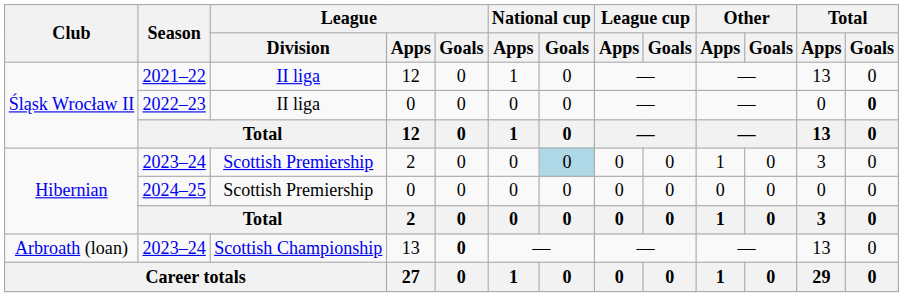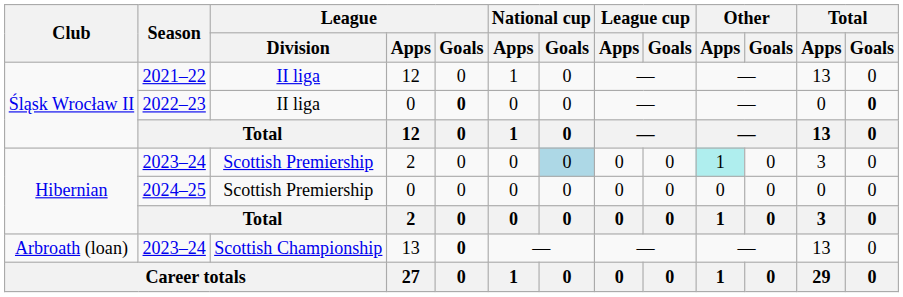 <table class="wikitable" style="text-align: center;">
 <tr>
 <th rowspan="2">Club</th>
 <th rowspan="2">Season</th>
 <th colspan="3">League</th>
 <th colspan="2">National cup</th>
 <th colspan="2">League cup</th>
 <th colspan="2">Other</th>
 <th colspan="2">Total</th>
 </tr>
 <tr>
 <th>Division</th>
 <th>Apps</th>
 <th>Goals</th>
 <th>Apps</th>
 <th>Goals</th>
 <th>Apps</th>
 <th>Goals</th>
 <th>Apps</th>
 <th>Goals</th>
 <th>Apps</th>
 <th>Goals</th>
 </tr>
 <tr>
 <td rowspan="3"><a href='#'>Śląsk Wrocław II</a></td>
 <td><a href='#'>2021–22</a></td>
 <td><a href='#'>II liga</a></td>
 <td>12</td>
 <td>0</td>
 <td>1</td>
 <td>0</td>
 <td colspan="2">—</td>
 <td colspan="2">—</td>
 <td>13</td>
 <td>0</td>
 </tr>
 <tr>
 <td><a href='#'>2022–23</a></td>
 <td>II liga</td>
 <td>0</td>
-<td>0</td>
+<td><strong>0</strong></td>
 <td>0</td>
 <td>0</td>
 <td colspan="2">—</td>
 <td colspan="2">—</td>
 <td>0</td>
 <td><strong>0</strong></td>
 </tr>
 <tr>
 <th colspan="2">Total</th>
 <th>12</th>
 <th>0</th>
 <th>1</th>
 <th>0</th>
 <th colspan="2">—</th>
 <th colspan="2">—</th>
 <th>13</th>
 <th>0</th>
 </tr>
 <tr>
 <td rowspan="3"><a href='#'>Hibernian</a></td>
 <td><a href='#'>2023–24</a></td>
 <td><a href='#'>Scottish Premiership</a></td>
 <td>2</td>
 <td>0</td>
 <td>0</td>
 <td style="background: lightblue;">0</td>
 <td>0</td>
 <td>0</td>
-<td>1</td>
+<td style="background: paleturquoise;">1</td>
 <td>0</td>
 <td>3</td>
 <td>0</td>
 </tr>
 <tr>
 <td><a href='#'>2024–25</a></td>
 <td>Scottish Premiership</td>
 <td>0</td>
 <td>0</td>
 <td>0</td>
 <td>0</td>
 <td>0</td>
 <td>0</td>
 <td>0</td>
 <td>0</td>
 <td>0</td>
 <td>0</td>
 </tr>
 <tr>
 <th colspan="2">Total</th>
 <th>2</th>
 <th>0</th>
 <th>0</th>
 <th>0</th>
 <th>0</th>
 <th>0</th>
 <th>1</th>
 <th>0</th>
 <th>3</th>
 <th>0</th>
 </tr>
 <tr>
 <td><a href='#'>Arbroath</a> (loan)</td>
 <td><a href='#'>2023–24</a></td>
 <td><a href='#'>Scottish Championship</a></td>
 <td>13</td>
 <td><strong>0</strong></td>
 <td colspan="2">—</td>
 <td colspan="2">—</td>
 <td colspan="2">—</td>
 <td>13</td>
 <td>0</td>
 </tr>
 <tr>
 <th colspan="3">Career totals</th>
 <th>27</th>
 <th>0</th>
 <th>1</th>
 <th>0</th>
 <th>0</th>
 <th>0</th>
 <th>1</th>
 <th>0</th>
 <th>29</th>
 <th>0</th>
 </tr>
 </table>
